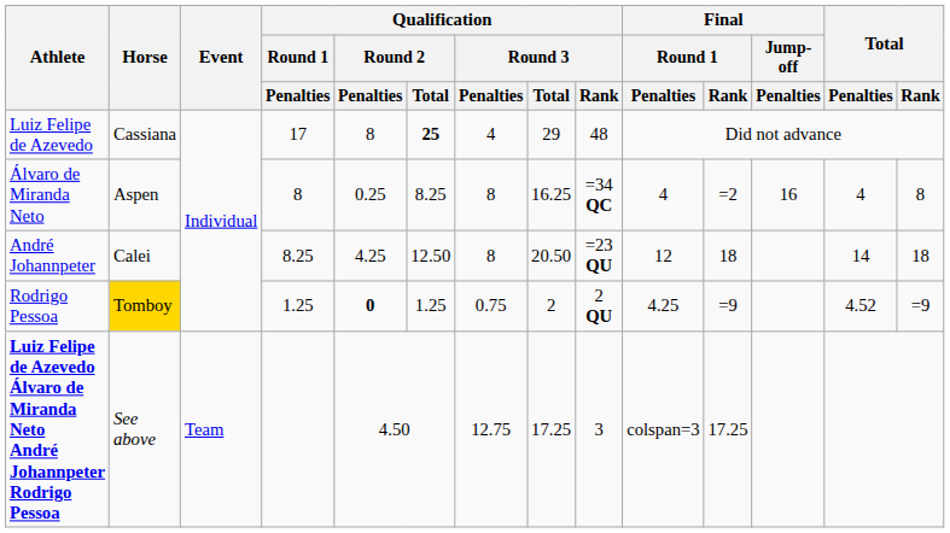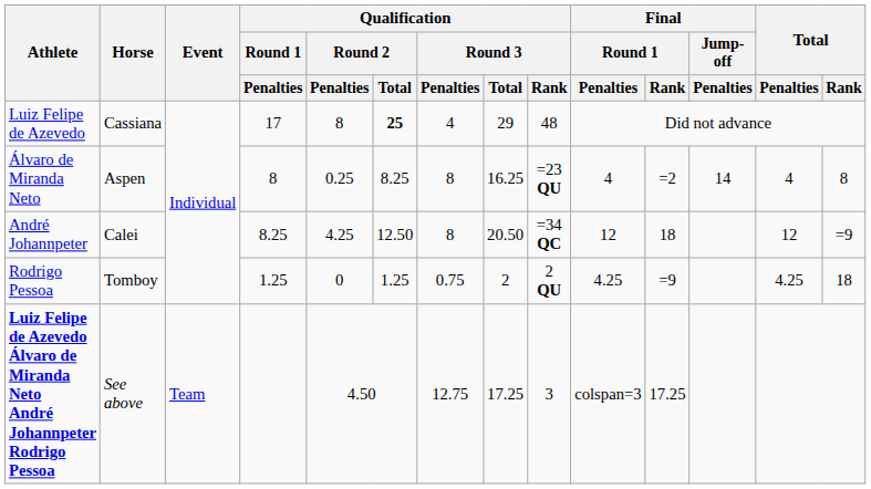 <table class="wikitable" style="font-size:90%">
 <tr>
 <th rowspan="3">Athlete</th>
 <th rowspan="3">Horse</th>
 <th rowspan="3">Event</th>
 <th colspan="6">Qualification</th>
 <th colspan="3">Final</th>
 <th rowspan=2 colspan="2">Total</th>
 </tr>
 <tr style="font-size:95%">
 <th>Round 1</th>
 <th colspan="2">Round 2</th>
 <th colspan="3">Round 3</th>
 <th colspan="2">Round 1</th>
 <th>Jump-off</th>
 </tr>
 <tr style="font-size:95%">
 <th>Penalties</th>
 <th>Penalties</th>
 <th>Total</th>
 <th>Penalties</th>
 <th>Total</th>
 <th>Rank</th>
 <th>Penalties</th>
 <th>Rank</th>
 <th>Penalties</th>
 <th>Penalties</th>
 <th>Rank</th>
 </tr>
 <tr align=center>
 <td align=left><a href='#'>Luiz Felipe de Azevedo</a></td>
 <td align=left>Cassiana</td>
 <td align=left rowspan=4><a href='#'>Individual</a></td>
 <td>17</td>
 <td>8</td>
 <td><strong>25</strong></td>
 <td>4</td>
 <td>29</td>
 <td>48</td>
 <td colspan=7>Did not advance</td>
 </tr>
 <tr align=center>
 <td align=left><a href='#'>Álvaro de Miranda Neto</a></td>
 <td align=left>Aspen</td>
 <td>8</td>
 <td>0.25</td>
 <td>8.25</td>
 <td>8</td>
 <td>16.25</td>
-<td>=34 <strong>QC</strong></td>
+<td>=23 <strong>QU</strong></td>
 <td>4</td>
 <td>=2</td>
-<td>16</td>
+<td>14</td>
 <td>4</td>
 <td>8</td>
 </tr>
 <tr align=center>
 <td align=left><a href='#'>André Johannpeter</a></td>
 <td align=left>Calei</td>
 <td>8.25</td>
 <td>4.25</td>
 <td>12.50</td>
 <td>8</td>
 <td>20.50</td>
-<td>=23 <strong>QU</strong></td>
+<td>=34 <strong>QC</strong></td>
 <td>12</td>
 <td>18</td>
 <td></td>
-<td>14</td>
-<td>18</td>
+<td>12</td>
+<td>=9</td>
 </tr>
 <tr align=center>
 <td align=left><a href='#'>Rodrigo Pessoa</a></td>
-<td align=left style="background: gold;">Tomboy</td>
+<td align=left>Tomboy</td>
 <td>1.25</td>
-<td><strong>0</strong></td>
+<td>0</td>
 <td>1.25</td>
 <td>0.75</td>
 <td>2</td>
 <td>2 <strong>QU</strong></td>
 <td>4.25</td>
 <td>=9</td>
 <td></td>
-<td>4.52</td>
-<td>=9</td>
+<td>4.25</td>
+<td>18</td>
 </tr>
 <tr align=center>
 <td align=left><strong><a href='#'>Luiz Felipe de Azevedo</a><br><a href='#'>Álvaro de Miranda Neto</a><br><a href='#'>André Johannpeter</a><br><a href='#'>Rodrigo Pessoa</a></strong></td>
 <td align=left><em>See above</em></td>
 <td align=left><a href='#'>Team</a></td>
 <td></td>
 <td colspan=2>4.50</td>
 <td>12.75</td>
 <td>17.25</td>
 <td>3</td>
 <td>colspan=3 </td>
 <td>17.25</td>
 <td></td>
 </tr>
 </table>
